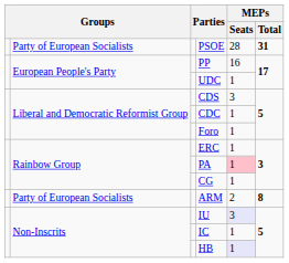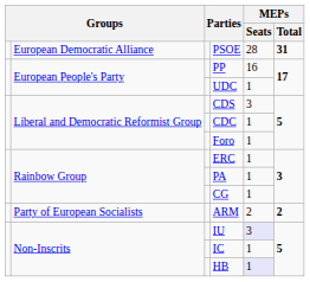 <table class="wikitable" style="text-align:left;">
 <tr>
 <th rowspan="2" colspan="2">Groups</th>
 <th rowspan="2" colspan="2">Parties</th>
 <th colspan="2">MEPs</th>
 </tr>
 <tr>
 <th>Seats</th>
 <th>Total</th>
 </tr>
 <tr>
 <td width="1" style="color:inherit;background:"></td>
-<td><a href='#'>Party of European Socialists</a></td>
+<td><a href='#'>European Democratic Alliance</a></td>
 <td width="1" style="color:inherit;background:"></td>
 <td><a href='#'>PSOE</a></td>
 <td>28</td>
 <td><strong>31</strong></td>
 </tr>
 <tr>
 <td rowspan="2" style="color:inherit;background:"></td>
 <td rowspan="2"><a href='#'>European People's Party</a></td>
 <td style="color:inherit;background:"></td>
 <td><a href='#'>PP</a></td>
 <td>16</td>
 <td rowspan="2"><strong>17</strong></td>
 </tr>
 <tr>
 <td style="color:inherit;background:"></td>
 <td><a href='#'>UDC</a></td>
 <td>1</td>
 </tr>
 <tr>
 <td rowspan="3" style="color:inherit;background:"></td>
 <td rowspan="3"><a href='#'>Liberal and Democratic Reformist Group</a></td>
 <td style="color:inherit;background:"></td>
 <td><a href='#'>CDS</a></td>
 <td>3</td>
 <td rowspan="3"><strong>5</strong></td>
 </tr>
 <tr>
 <td style="color:inherit;background:"></td>
 <td><a href='#'>CDC</a></td>
 <td>1</td>
 </tr>
 <tr>
 <td style="color:inherit;background:"></td>
 <td><a href='#'>Foro</a></td>
 <td>1</td>
 </tr>
 <tr>
 <td rowspan="3" style="color:inherit;background:"></td>
 <td rowspan="3"><a href='#'>Rainbow Group</a></td>
 <td style="color:inherit;background:"></td>
 <td><a href='#'>ERC</a></td>
 <td>1</td>
 <td rowspan="3"><strong>3</strong></td>
 </tr>
 <tr>
 <td style="color:inherit;background:"></td>
 <td><a href='#'>PA</a></td>
-<td style="background: pink;">1</td>
+<td>1</td>
 </tr>
 <tr>
 <td style="color:inherit;background:"></td>
 <td><a href='#'>CG</a></td>
 <td>1</td>
 </tr>
 <tr>
 <td style="color:inherit;background:"></td>
 <td><a href='#'>Party of European Socialists</a></td>
 <td style="color:inherit;background:"></td>
 <td><a href='#'>ARM</a></td>
 <td>2</td>
-<td><strong>8</strong></td>
+<td><strong>2</strong></td>
 </tr>
 <tr>
 <td rowspan="3" style="color:inherit;background:"></td>
 <td rowspan="3"><a href='#'>Non-Inscrits</a></td>
 <td style="color:inherit;background:"></td>
 <td><a href='#'>IU</a></td>
 <td style="background: lavender;">3</td>
 <td rowspan="3"><strong>5</strong></td>
 </tr>
 <tr>
 <td style="color:inherit;background:"></td>
 <td><a href='#'>IC</a></td>
 <td>1</td>
 </tr>
 <tr>
 <td style="color:inherit;background:"></td>
 <td><a href='#'>HB</a></td>
 <td style="background: lavender;">1</td>
 </tr>
 </table>
